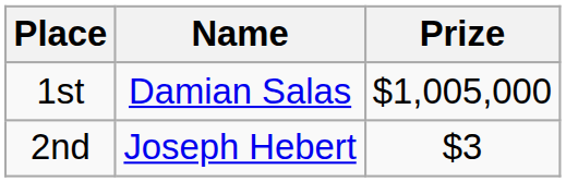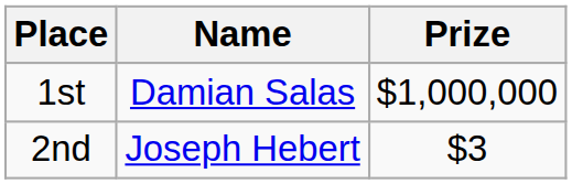 <table class="wikitable" style="display: inline-table;">
 <tr>
 <th>Place</th>
 <th>Name</th>
 <th>Prize</th>
 </tr>
 <tr>
 <td align=center>1st</td>
 <td align=center><a href='#'>Damian Salas</a></td>
-<td align=center>$1,005,000</td>
+<td align=center>$1,000,000</td>
 </tr>
 <tr>
 <td align=center>2nd</td>
 <td align=center><a href='#'>Joseph Hebert</a></td>
 <td align=center>$3</td>
 </tr>
 </table>
